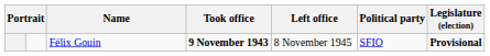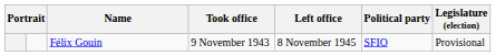 <table class="wikitable">
 <tr>
 <th colspan=2>Portrait</th>
 <th width=200>Name</th>
 <th width=120>Took office</th>
 <th width=120>Left office</th>
 <th>Political party</th>
 <th>Legislature<br><small>(election)</small></th>
 </tr>
 <tr>
 <th style="background:"></th>
 <td></td>
 <td><a href='#'>Félix Gouin</a></td>
-<td><strong>9 November 1943</strong></td>
+<td>9 November 1943</td>
 <td>8 November 1945</td>
 <td><a href='#'>SFIO</a></td>
-<td><strong>Provisional</strong></td>
+<td>Provisional</td>
 </tr>
 </table>
